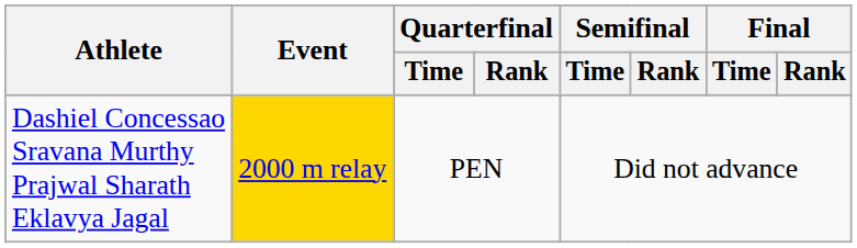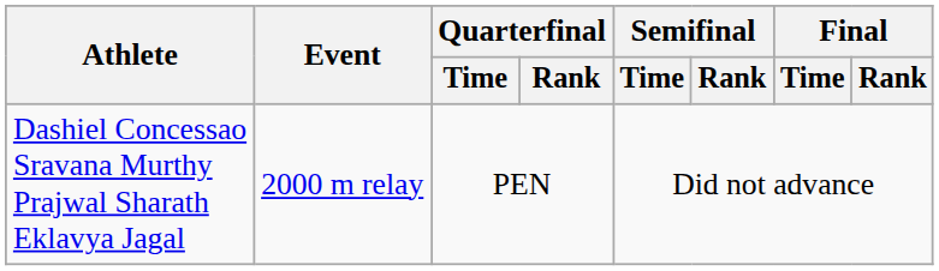 <table class="wikitable" style="font-size:90%">
 <tr>
 <th rowspan=2>Athlete</th>
 <th rowspan=2>Event</th>
 <th colspan=2>Quarterfinal</th>
 <th colspan=2>Semifinal</th>
 <th colspan=2>Final</th>
 </tr>
 <tr style="font-size:95%">
 <th>Time</th>
 <th>Rank</th>
 <th>Time</th>
 <th>Rank</th>
 <th>Time</th>
 <th>Rank</th>
 </tr>
 <tr align=center>
 <td align=left><a href='#'>Dashiel Concessao</a><br><a href='#'>Sravana Murthy</a><br><a href='#'>Prajwal Sharath</a><br><a href='#'>Eklavya Jagal</a></td>
-<td align=left style="background: gold;"><a href='#'>2000 m relay</a></td>
+<td align=left><a href='#'>2000 m relay</a></td>
 <td colspan=2>PEN</td>
 <td colspan=4>Did not advance</td>
 </tr>
 </table>
